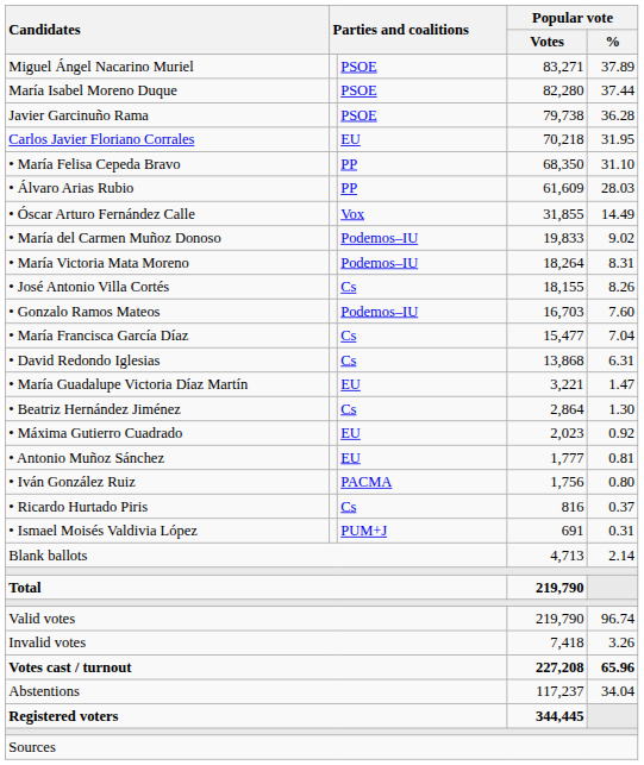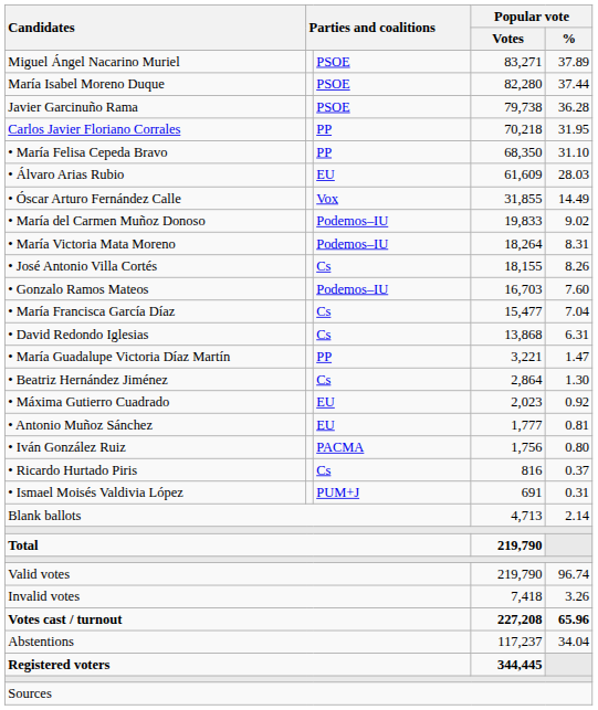 <table class="wikitable" style="text-align:right; font-size:95%;">
 <tr>
 <th style="text-align:left;" rowspan="2" width="325">Candidates</th>
 <th style="text-align:left;" rowspan="2" colspan="2" width="175">Parties and coalitions</th>
 <th colspan="2">Popular vote</th>
 </tr>
 <tr>
 <th width="75">Votes</th>
 <th width="45">%</th>
 </tr>
 <tr>
 <td align="left"> Miguel Ángel Nacarino Muriel</td>
 <td width="1" style="color:inherit;background:"></td>
 <td align="left"><a href='#'>PSOE</a></td>
 <td>83,271</td>
 <td>37.89</td>
 </tr>
 <tr>
 <td align="left"> María Isabel Moreno Duque</td>
 <td style="color:inherit;background:"></td>
 <td align="left"><a href='#'>PSOE</a></td>
 <td>82,280</td>
 <td>37.44</td>
 </tr>
 <tr>
 <td align="left"> Javier Garcinuño Rama</td>
 <td style="color:inherit;background:"></td>
 <td align="left"><a href='#'>PSOE</a></td>
 <td>79,738</td>
 <td>36.28</td>
 </tr>
 <tr>
 <td align="left"> <a href='#'>Carlos Javier Floriano Corrales</a></td>
 <td style="color:inherit;background:"></td>
-<td align="left"><a href='#'>EU</a></td>
+<td align="left"><a href='#'>PP</a></td>
 <td>70,218</td>
 <td>31.95</td>
 </tr>
 <tr>
 <td align="left">• María Felisa Cepeda Bravo</td>
 <td style="color:inherit;background:"></td>
 <td align="left"><a href='#'>PP</a></td>
 <td>68,350</td>
 <td>31.10</td>
 </tr>
 <tr>
 <td align="left">• Álvaro Arias Rubio</td>
 <td style="color:inherit;background:"></td>
-<td align="left"><a href='#'>PP</a></td>
+<td align="left"><a href='#'>EU</a></td>
 <td>61,609</td>
 <td>28.03</td>
 </tr>
 <tr>
 <td align="left">• Óscar Arturo Fernández Calle</td>
 <td style="color:inherit;background:"></td>
 <td align="left"><a href='#'>Vox</a></td>
 <td>31,855</td>
 <td>14.49</td>
 </tr>
 <tr>
 <td align="left">• María del Carmen Muñoz Donoso</td>
 <td style="color:inherit;background:"></td>
 <td align="left"><a href='#'>Podemos–IU</a></td>
 <td>19,833</td>
 <td>9.02</td>
 </tr>
 <tr>
 <td align="left">• María Victoria Mata Moreno</td>
 <td style="color:inherit;background:"></td>
 <td align="left"><a href='#'>Podemos–IU</a></td>
 <td>18,264</td>
 <td>8.31</td>
 </tr>
 <tr>
 <td align="left">• José Antonio Villa Cortés</td>
 <td style="color:inherit;background:"></td>
 <td align="left"><a href='#'>Cs</a></td>
 <td>18,155</td>
 <td>8.26</td>
 </tr>
 <tr>
 <td align="left">• Gonzalo Ramos Mateos</td>
 <td style="color:inherit;background:"></td>
 <td align="left"><a href='#'>Podemos–IU</a></td>
 <td>16,703</td>
 <td>7.60</td>
 </tr>
 <tr>
 <td align="left">• María Francisca García Díaz</td>
 <td style="color:inherit;background:"></td>
 <td align="left"><a href='#'>Cs</a></td>
 <td>15,477</td>
 <td>7.04</td>
 </tr>
 <tr>
 <td align="left">• David Redondo Iglesias</td>
 <td style="color:inherit;background:"></td>
 <td align="left"><a href='#'>Cs</a></td>
 <td>13,868</td>
 <td>6.31</td>
 </tr>
 <tr>
 <td align="left">• María Guadalupe Victoria Díaz Martín</td>
 <td style="color:inherit;background:"></td>
-<td align="left"><a href='#'>EU</a></td>
+<td align="left"><a href='#'>PP</a></td>
 <td>3,221</td>
 <td>1.47</td>
 </tr>
 <tr>
 <td align="left">• Beatriz Hernández Jiménez</td>
 <td style="color:inherit;background:"></td>
 <td align="left"><a href='#'>Cs</a></td>
 <td>2,864</td>
 <td>1.30</td>
 </tr>
 <tr>
 <td align="left">• Máxima Gutierro Cuadrado</td>
 <td style="color:inherit;background:"></td>
 <td align="left"><a href='#'>EU</a></td>
 <td>2,023</td>
 <td>0.92</td>
 </tr>
 <tr>
 <td align="left">• Antonio Muñoz Sánchez</td>
 <td style="color:inherit;background:"></td>
 <td align="left"><a href='#'>EU</a></td>
 <td>1,777</td>
 <td>0.81</td>
 </tr>
 <tr>
 <td align="left">• Iván González Ruiz</td>
 <td style="color:inherit;background:"></td>
 <td align="left"><a href='#'>PACMA</a></td>
 <td>1,756</td>
 <td>0.80</td>
 </tr>
 <tr>
 <td align="left">• Ricardo Hurtado Piris</td>
 <td style="color:inherit;background:"></td>
 <td align="left"><a href='#'>Cs</a></td>
 <td>816</td>
 <td>0.37</td>
 </tr>
 <tr>
 <td align="left">• Ismael Moisés Valdivia López</td>
 <td style="color:inherit;background:"></td>
 <td align="left"><a href='#'>PUM+J</a></td>
 <td>691</td>
 <td>0.31</td>
 </tr>
 <tr>
 <td align="left" colspan="3">Blank ballots</td>
 <td>4,713</td>
 <td>2.14</td>
 </tr>
 <tr>
 <td colspan="5" bgcolor="#E9E9E9"></td>
 </tr>
 <tr style="font-weight:bold;">
 <td align="left" colspan="3">Total</td>
 <td>219,790</td>
 <td bgcolor="#E9E9E9"></td>
 </tr>
 <tr>
 <td colspan="5" bgcolor="#E9E9E9"></td>
 </tr>
 <tr>
 <td align="left" colspan="3">Valid votes</td>
 <td>219,790</td>
 <td>96.74</td>
 </tr>
 <tr>
 <td align="left" colspan="3">Invalid votes</td>
 <td>7,418</td>
 <td>3.26</td>
 </tr>
 <tr style="font-weight:bold;">
 <td align="left" colspan="3">Votes cast / turnout</td>
 <td>227,208</td>
 <td>65.96</td>
 </tr>
 <tr>
 <td align="left" colspan="3">Abstentions</td>
 <td>117,237</td>
 <td>34.04</td>
 </tr>
 <tr style="font-weight:bold;">
 <td align="left" colspan="3">Registered voters</td>
 <td>344,445</td>
 <td bgcolor="#E9E9E9"></td>
 </tr>
 <tr>
 <td colspan="5" bgcolor="#E9E9E9"></td>
 </tr>
 <tr>
 <td align="left" colspan="5">Sources</td>
 </tr>
 </table>
